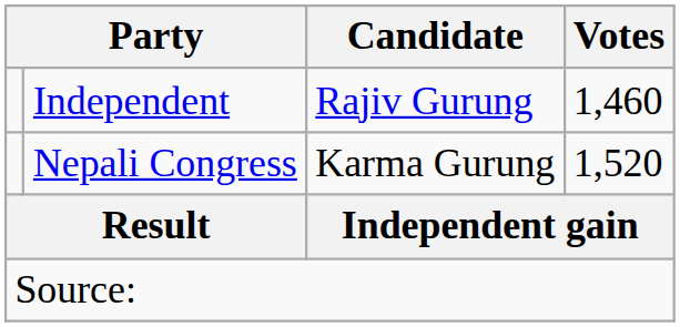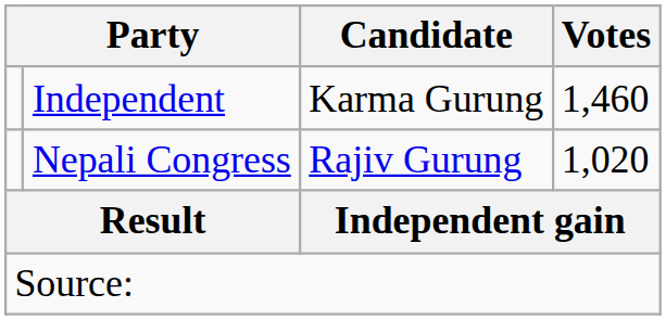 <table class="wikitable">
 <tr>
 <th colspan="2">Party</th>
 <th>Candidate</th>
 <th>Votes</th>
 </tr>
 <tr>
 <td style="background-color:"></td>
 <td><a href='#'>Independent</a></td>
-<td><a href='#'>Rajiv Gurung</a></td>
+<td>Karma Gurung</td>
 <td>1,460</td>
 </tr>
 <tr>
 <td style="background-color:"></td>
 <td><a href='#'>Nepali Congress</a></td>
-<td>Karma Gurung</td>
-<td>1,520</td>
+<td><a href='#'>Rajiv Gurung</a></td>
+<td>1,020</td>
 </tr>
 <tr>
 <th colspan="2">Result</th>
 <th colspan="2">Independent gain</th>
 </tr>
 <tr>
 <td colspan="4">Source: </td>
 </tr>
 </table>
